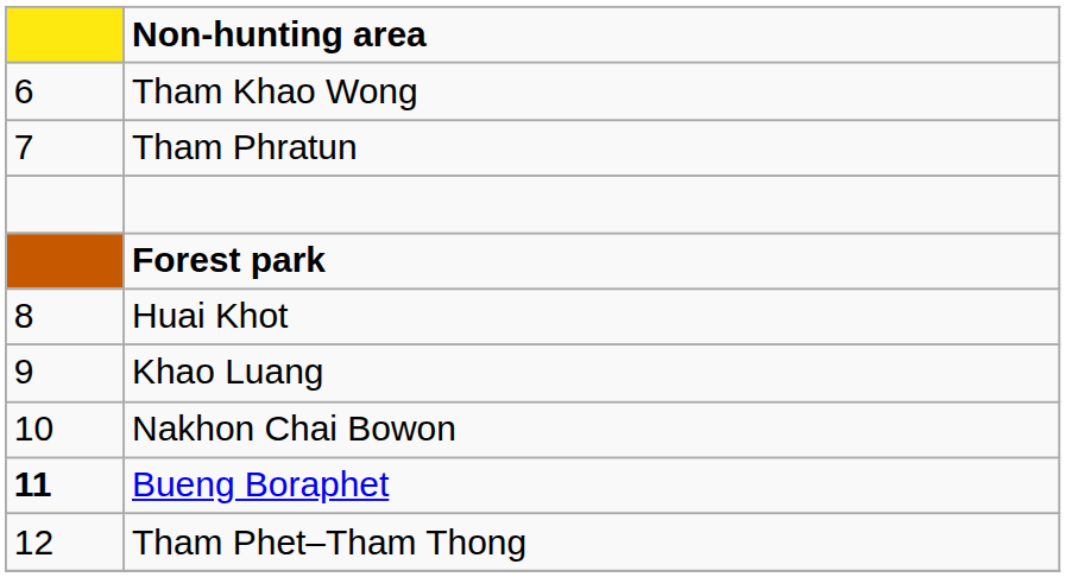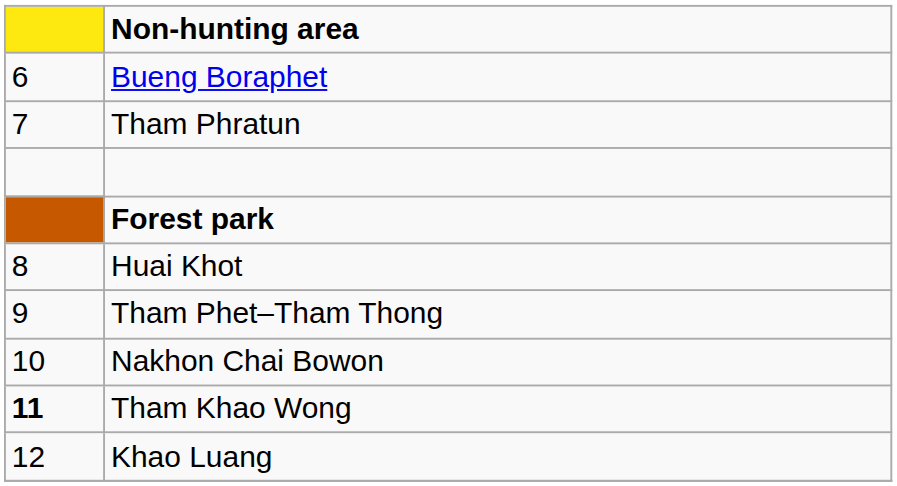 <table class= "wikitable" style= "width:30%; display:inline-table;">
 <tr>
 <td style="width:3%; background:#FDE910;"> </td>
 <td style="width:30%;"><strong>Non-hunting area</strong></td>
 </tr>
 <tr>
 <td>6</td>
-<td>Tham Khao Wong</td>
+<td><a href='#'>Bueng Boraphet</a></td>
 </tr>
 <tr>
 <td>7</td>
 <td>Tham Phratun</td>
 </tr>
 <tr>
 <td>  </td>
 </tr>
 <tr>
 <td style="width:3%; background:#C65900;"> </td>
 <td style="width:27%;"><strong>Forest park</strong></td>
 </tr>
 <tr>
 <td>8</td>
 <td>Huai Khot</td>
 </tr>
 <tr>
 <td>9</td>
-<td>Khao Luang</td>
+<td>Tham Phet–Tham Thong</td>
 </tr>
 <tr>
 <td>10</td>
 <td>Nakhon Chai Bowon</td>
 </tr>
 <tr>
 <td><strong>11</strong></td>
-<td><a href='#'>Bueng Boraphet</a></td>
+<td>Tham Khao Wong</td>
 </tr>
 <tr>
 <td>12</td>
-<td>Tham Phet–Tham Thong</td>
+<td>Khao Luang</td>
 </tr>
 <tr>
 </tr>
 </table>
